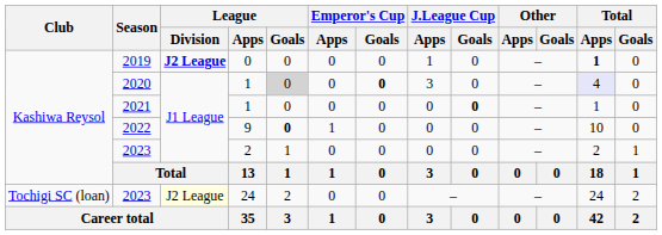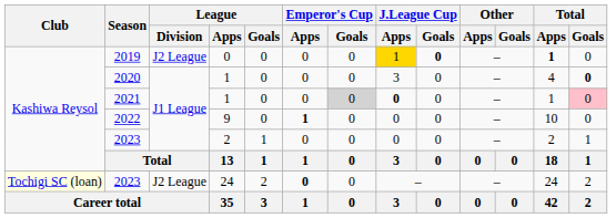 <table class="wikitable" style="text-align: center">
 <tr>
 <th rowspan="2">Club</th>
 <th rowspan="2">Season</th>
 <th colspan="3">League</th>
 <th colspan="2"><a href='#'>Emperor's Cup</a></th>
 <th colspan="2"><a href='#'>J.League Cup</a></th>
 <th colspan="2">Other</th>
 <th colspan="2">Total</th>
 </tr>
 <tr>
 <th>Division</th>
 <th>Apps</th>
 <th>Goals</th>
 <th>Apps</th>
 <th>Goals</th>
 <th>Apps</th>
 <th>Goals</th>
 <th>Apps</th>
 <th>Goals</th>
 <th>Apps</th>
 <th>Goals</th>
 </tr>
 <tr>
 <td rowspan="6"><a href='#'>Kashiwa Reysol</a></td>
 <td><a href='#'>2019</a></td>
-<td><strong><a href='#'>J2 League</a></strong></td>
+<td><a href='#'>J2 League</a></td>
 <td>0</td>
 <td>0</td>
 <td>0</td>
 <td>0</td>
-<td>1</td>
-<td>0</td>
+<td style="background: gold;">1</td>
+<td><strong>0</strong></td>
 <td colspan="2">–</td>
 <td><strong>1</strong></td>
 <td>0</td>
 </tr>
 <tr>
 <td><a href='#'>2020</a></td>
 <td rowspan="4"><a href='#'>J1 League</a></td>
 <td>1</td>
-<td style="background: lightgrey;">0</td>
 <td>0</td>
-<td><strong>0</strong></td>
+<td>0</td>
+<td>0</td>
 <td>3</td>
 <td>0</td>
 <td colspan="2">–</td>
-<td style="background: lavender;">4</td>
-<td>0</td>
+<td>4</td>
+<td><strong>0</strong></td>
 </tr>
 <tr>
 <td><a href='#'>2021</a></td>
 <td>1</td>
 <td>0</td>
 <td>0</td>
+<td style="background: lightgrey;">0</td>
+<td><strong>0</strong></td>
 <td>0</td>
-<td>0</td>
-<td><strong>0</strong></td>
 <td colspan="2">–</td>
 <td>1</td>
-<td>0</td>
+<td style="background: pink;">0</td>
 </tr>
 <tr>
 <td><a href='#'>2022</a></td>
 <td>9</td>
-<td><strong>0</strong></td>
-<td>1</td>
+<td>0</td>
+<td><strong>1</strong></td>
 <td>0</td>
 <td>0</td>
 <td>0</td>
 <td colspan="2">–</td>
 <td>10</td>
 <td>0</td>
 </tr>
 <tr>
 <td><a href='#'>2023</a></td>
 <td>2</td>
 <td>1</td>
 <td>0</td>
 <td>0</td>
 <td>0</td>
 <td>0</td>
 <td colspan="2">–</td>
 <td>2</td>
 <td>1</td>
 </tr>
 <tr>
 <th colspan=2>Total</th>
 <th>13</th>
 <th>1</th>
 <th>1</th>
 <th>0</th>
 <th>3</th>
 <th>0</th>
 <th>0</th>
 <th>0</th>
 <th>18</th>
 <th>1</th>
 </tr>
 <tr>
-<td><a href='#'>Tochigi SC</a> (loan)</td>
+<td style="background: lightyellow;"><a href='#'>Tochigi SC</a> (loan)</td>
 <td><a href='#'>2023</a></td>
-<td style="background: lightyellow;">J2 League</td>
+<td>J2 League</td>
 <td>24</td>
 <td>2</td>
-<td>0</td>
+<td><strong>0</strong></td>
 <td>0</td>
 <td colspan="2">–</td>
 <td colspan="2">–</td>
 <td>24</td>
 <td>2</td>
 </tr>
 <tr>
 <th colspan=3>Career total</th>
 <th>35</th>
 <th>3</th>
 <th>1</th>
 <th>0</th>
 <th>3</th>
 <th>0</th>
 <th>0</th>
 <th>0</th>
 <th>42</th>
 <th>2</th>
 </tr>
 </table>
